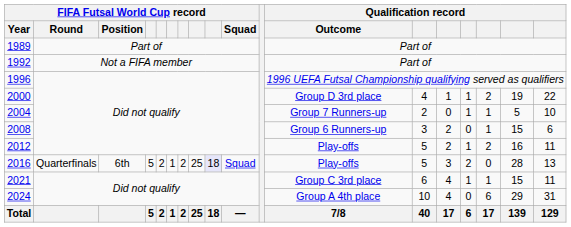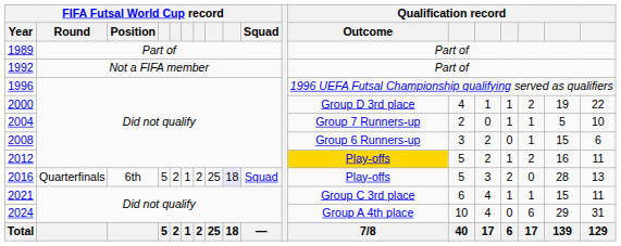 <table class="wikitable" style="text-align: center;">
 <tr>
 <th colspan=10><a href='#'>FIFA Futsal World Cup</a> record</th>
 <th width=1% rowspan=13></th>
 <th colspan=7>Qualification record</th>
 </tr>
 <tr>
 <th>Year</th>
 <th>Round</th>
 <th>Position</th>
 <th></th>
 <th></th>
 <th></th>
 <th></th>
 <th></th>
 <th></th>
 <th>Squad</th>
 <th>Outcome</th>
 <th></th>
 <th></th>
 <th></th>
 <th></th>
 <th></th>
 <th></th>
 </tr>
 <tr>
 <td> <a href='#'>1989</a></td>
 <td colspan=9><em>Part of </em></td>
 <td colspan=7><em>Part of </em></td>
 </tr>
 <tr>
 <td> <a href='#'>1992</a></td>
 <td colspan=9><em>Not a FIFA member</em></td>
 <td colspan=7><em>Part of </em></td>
 </tr>
 <tr>
 <td> <a href='#'>1996</a></td>
 <td colspan=9 rowspan=5><em>Did not qualify</em></td>
 <td colspan=7><em><a href='#'>1996 UEFA Futsal Championship qualifying</a> served as qualifiers</em></td>
 </tr>
 <tr>
 <td> <a href='#'>2000</a></td>
 <td><a href='#'>Group D 3rd place</a></td>
 <td>4</td>
 <td>1</td>
 <td>1</td>
 <td>2</td>
 <td>19</td>
 <td>22</td>
 </tr>
 <tr>
 <td> <a href='#'>2004</a></td>
 <td><a href='#'>Group 7 Runners-up</a></td>
 <td>2</td>
 <td>0</td>
 <td>1</td>
 <td>1</td>
 <td>5</td>
 <td>10</td>
 </tr>
 <tr>
 <td> <a href='#'>2008</a></td>
 <td><a href='#'>Group 6 Runners-up</a></td>
 <td>3</td>
 <td>2</td>
 <td>0</td>
 <td>1</td>
 <td>15</td>
 <td>6</td>
 </tr>
 <tr>
 <td> <a href='#'>2012</a></td>
-<td><a href='#'>Play-offs</a></td>
+<td style="background: gold;"><a href='#'>Play-offs</a></td>
 <td>5</td>
 <td>2</td>
 <td>1</td>
 <td>2</td>
 <td>16</td>
 <td>11</td>
 </tr>
 <tr>
 <td> <a href='#'>2016</a></td>
 <td>Quarterfinals</td>
 <td>6th</td>
 <td>5</td>
 <td>2</td>
 <td>1</td>
 <td>2</td>
 <td>25</td>
 <td style="background: lavender;">18</td>
 <td><a href='#'>Squad</a></td>
 <td><a href='#'>Play-offs</a></td>
 <td>5</td>
 <td>3</td>
 <td>2</td>
 <td>0</td>
 <td>28</td>
 <td>13</td>
 </tr>
 <tr>
 <td> <a href='#'>2021</a></td>
 <td colspan=9 rowspan=2><em>Did not qualify</em></td>
 <td><a href='#'>Group C 3rd place</a></td>
 <td>6</td>
 <td>4</td>
 <td>1</td>
 <td>1</td>
 <td>15</td>
 <td>11</td>
 </tr>
 <tr>
 <td> <a href='#'>2024</a></td>
 <td><a href='#'>Group A 4th place</a></td>
 <td>10</td>
 <td>4</td>
 <td>0</td>
 <td>6</td>
 <td>29</td>
 <td>31</td>
 </tr>
 <tr>
 <th><strong>Total</strong></th>
 <th></th>
 <th></th>
 <th>5</th>
 <th>2</th>
 <th>1</th>
 <th>2</th>
 <th>25</th>
 <th>18</th>
 <th>—</th>
 <th>7/8</th>
 <th>40</th>
 <th>17</th>
 <th>6</th>
 <th>17</th>
 <th>139</th>
 <th>129</th>
 </tr>
 </table>
